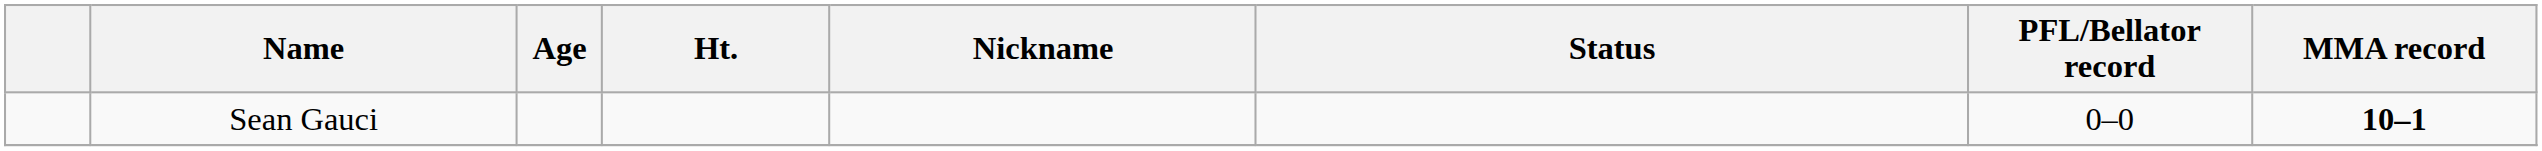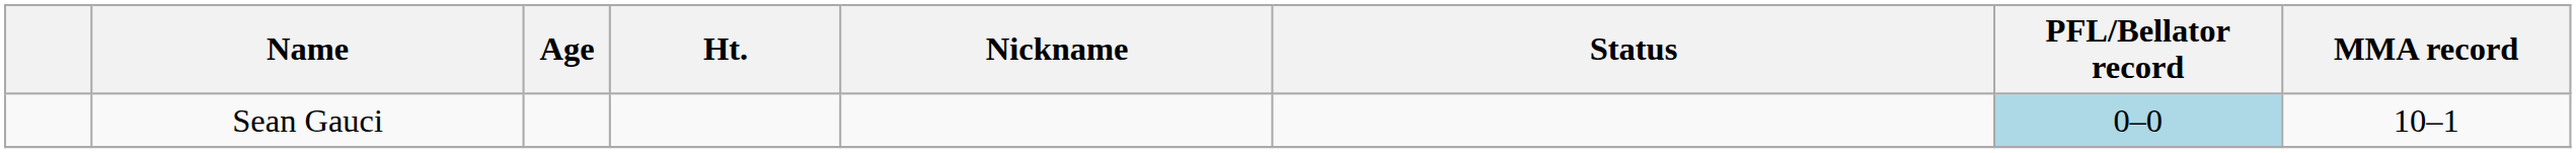 <table class="wikitable sortable" style="text-align:center;">
 <tr>
 <th width=3%></th>
 <th width=15%>Name</th>
 <th width=3%>Age</th>
 <th width=8%>Ht.</th>
 <th width="15%">Nickname</th>
 <th width=25%>Status</th>
 <th width="10%">PFL/Bellator record</th>
 <th width=10%>MMA record</th>
 </tr>
 <tr>
 <td></td>
 <td>Sean Gauci</td>
 <td></td>
 <td></td>
 <td></td>
 <td></td>
-<td>0–0</td>
-<td><strong>10–1</strong></td>
+<td style="background: lightblue;">0–0</td>
+<td>10–1</td>
 </tr>
 <tr>
 </tr>
 </table>
